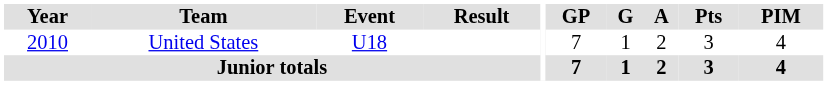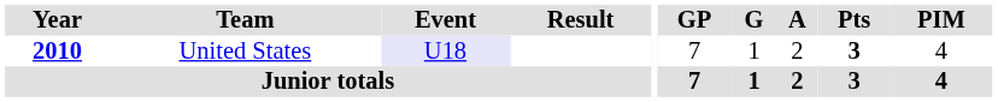 <table border="0" cellpadding="1" cellspacing="0" ID="Table3" style="text-align:center; width:40em">
 <tr ALIGN="center" bgcolor="#e0e0e0">
 <th>Year</th>
 <th>Team</th>
 <th>Event</th>
 <th>Result</th>
 <th rowspan="99" bgcolor="#ffffff"></th>
 <th>GP</th>
 <th>G</th>
 <th>A</th>
 <th>Pts</th>
 <th>PIM</th>
 </tr>
 <tr>
-<td><a href='#'>2010</a></td>
+<td><strong><a href='#'>2010</a></strong></td>
 <td><a href='#'>United States</a></td>
-<td><a href='#'>U18</a></td>
+<td style="background: lavender;"><a href='#'>U18</a></td>
 <td></td>
 <td>7</td>
 <td>1</td>
 <td>2</td>
-<td>3</td>
+<td><strong>3</strong></td>
 <td>4</td>
 </tr>
 <tr bgcolor="#e0e0e0">
 <th colspan="4">Junior totals</th>
 <th>7</th>
 <th>1</th>
 <th>2</th>
 <th>3</th>
 <th>4</th>
 </tr>
 </table>
